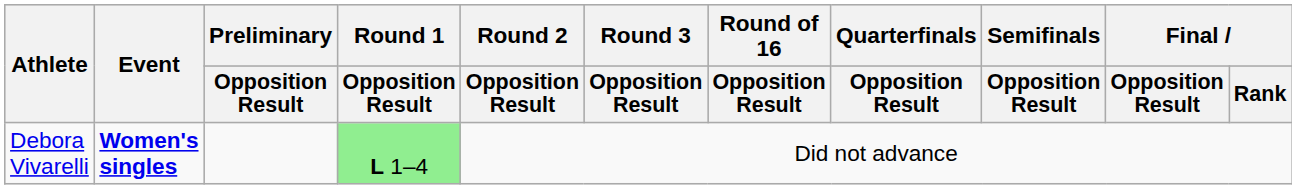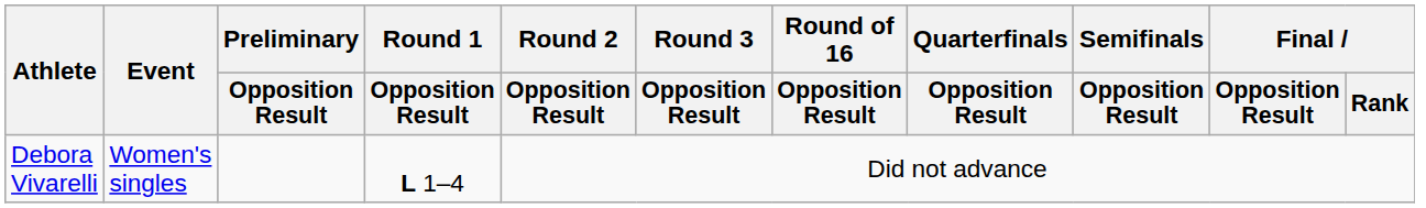 <table class="wikitable" style="font-size:90%;">
 <tr>
 <th rowspan=2>Athlete</th>
 <th rowspan=2>Event</th>
 <th>Preliminary</th>
 <th>Round 1</th>
 <th>Round 2</th>
 <th>Round 3</th>
 <th>Round of 16</th>
 <th>Quarterfinals</th>
 <th>Semifinals</th>
 <th colspan=2>Final / </th>
 </tr>
 <tr style="font-size:95%">
 <th>Opposition<br>Result</th>
 <th>Opposition<br>Result</th>
 <th>Opposition<br>Result</th>
 <th>Opposition<br>Result</th>
 <th>Opposition<br>Result</th>
 <th>Opposition<br>Result</th>
 <th>Opposition<br>Result</th>
 <th>Opposition<br>Result</th>
 <th>Rank</th>
 </tr>
 <tr align=center>
 <td align=left><a href='#'>Debora Vivarelli</a></td>
-<td align=left><strong><a href='#'>Women's singles</a></strong></td>
+<td align=left><a href='#'>Women's singles</a></td>
 <td></td>
-<td style="background: lightgreen;"><br> <strong>L</strong> 1–4</td>
+<td><br> <strong>L</strong> 1–4</td>
 <td colspan="7">Did not advance</td>
 </tr>
 </table>
